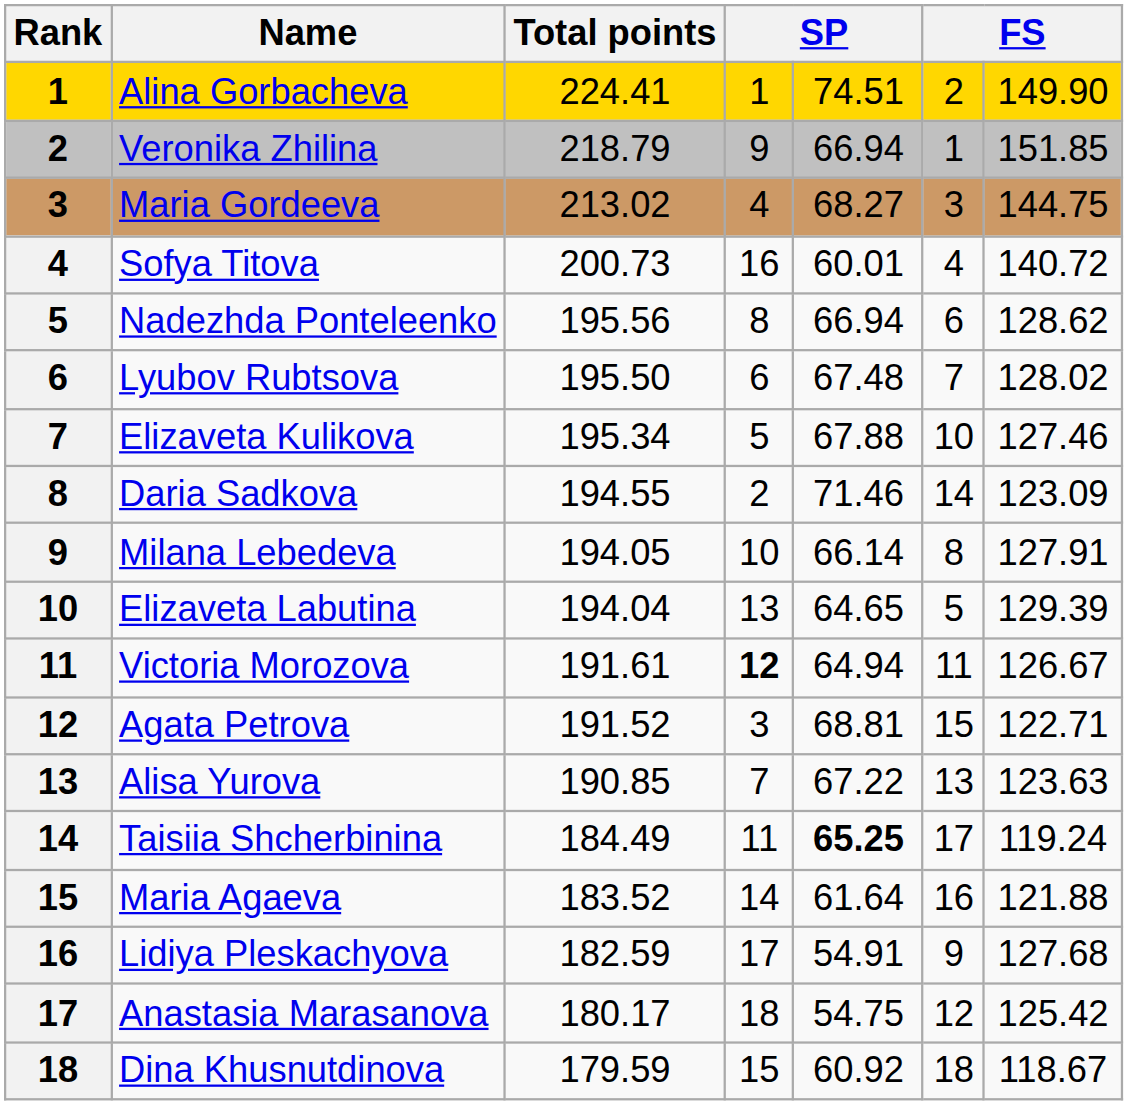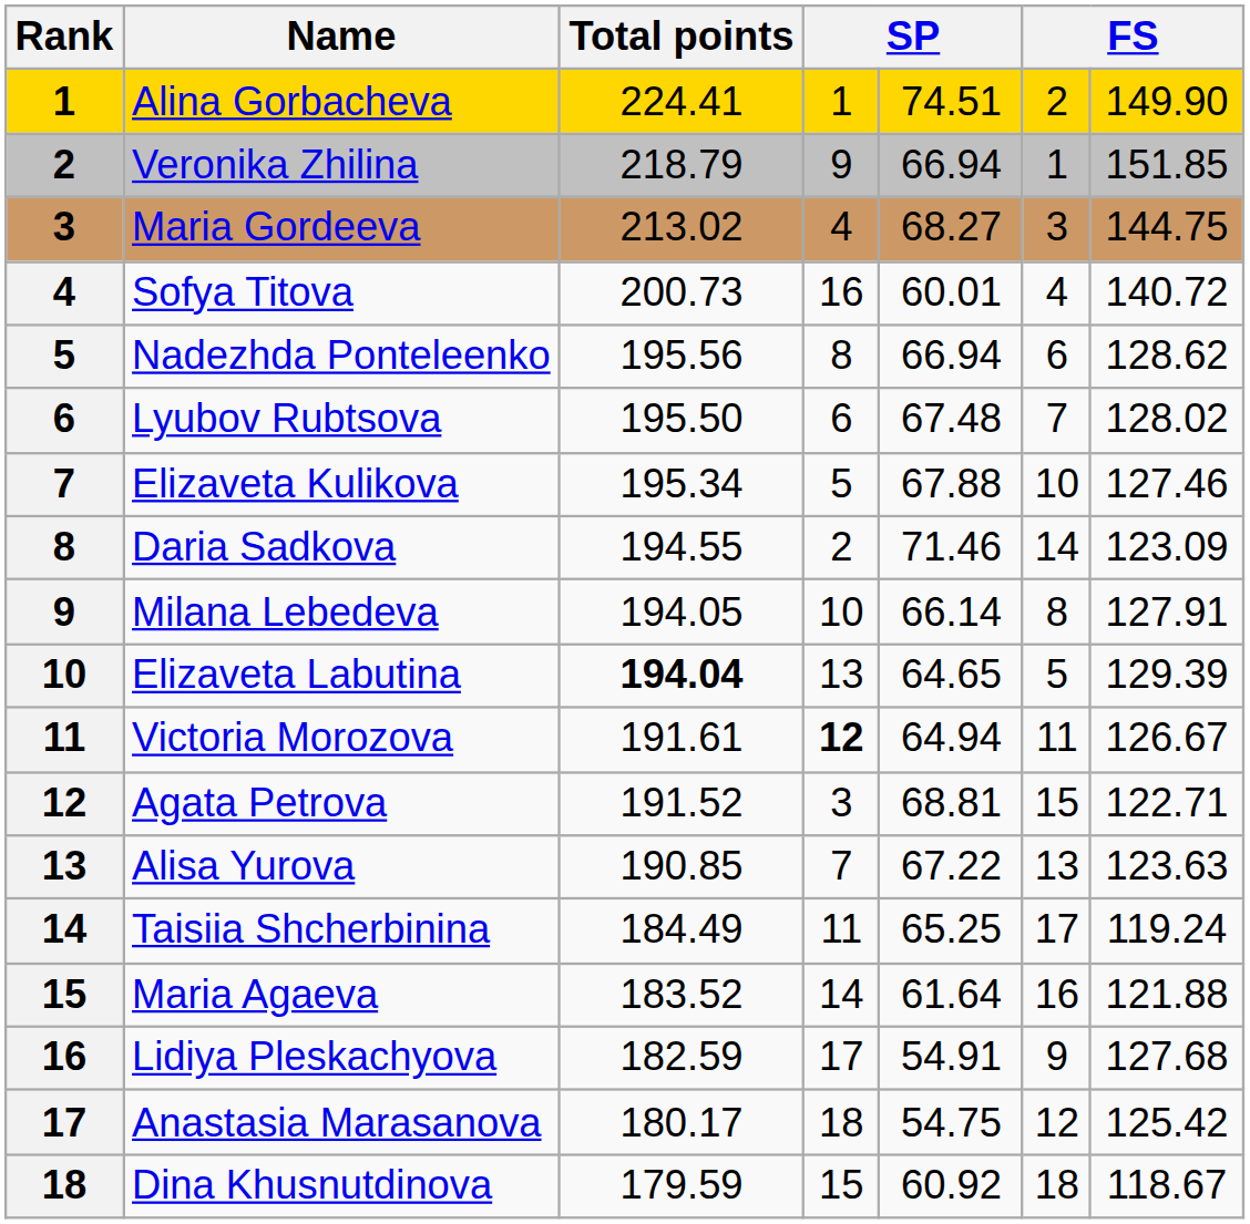 <table class="wikitable sortable">
 <tr>
 <th>Rank</th>
 <th>Name</th>
 <th>Total points</th>
 <th colspan="2" width="80px"><a href='#'>SP</a></th>
 <th colspan="2" width="80px"><a href='#'>FS</a></th>
 </tr>
 <tr bgcolor="gold">
 <td align="center"><strong>1</strong></td>
 <td><a href='#'>Alina Gorbacheva</a></td>
 <td align="center">224.41</td>
 <td align="center">1</td>
 <td align="center">74.51</td>
 <td align="center">2</td>
 <td align="center">149.90</td>
 </tr>
 <tr bgcolor="silver">
 <td align="center"><strong>2</strong></td>
 <td><a href='#'>Veronika Zhilina</a></td>
 <td align="center">218.79</td>
 <td align="center">9</td>
 <td align="center">66.94</td>
 <td align="center">1</td>
 <td align="center">151.85</td>
 </tr>
 <tr bgcolor="cc9966">
 <td align="center"><strong>3</strong></td>
 <td><a href='#'>Maria Gordeeva</a></td>
 <td align="center">213.02</td>
 <td align="center">4</td>
 <td align="center">68.27</td>
 <td align="center">3</td>
 <td align="center">144.75</td>
 </tr>
 <tr>
 <th>4</th>
 <td><a href='#'>Sofya Titova</a></td>
 <td align="center">200.73</td>
 <td align="center">16</td>
 <td align="center">60.01</td>
 <td align="center">4</td>
 <td align="center">140.72</td>
 </tr>
 <tr>
 <th>5</th>
 <td><a href='#'>Nadezhda Ponteleenko</a></td>
 <td align="center">195.56</td>
 <td align="center">8</td>
 <td align="center">66.94</td>
 <td align="center">6</td>
 <td align="center">128.62</td>
 </tr>
 <tr>
 <th>6</th>
 <td><a href='#'>Lyubov Rubtsova</a></td>
 <td align="center">195.50</td>
 <td align="center">6</td>
 <td align="center">67.48</td>
 <td align="center">7</td>
 <td align="center">128.02</td>
 </tr>
 <tr>
 <th>7</th>
 <td><a href='#'>Elizaveta Kulikova</a></td>
 <td align="center">195.34</td>
 <td align="center">5</td>
 <td align="center">67.88</td>
 <td align="center">10</td>
 <td align="center">127.46</td>
 </tr>
 <tr>
 <th>8</th>
 <td><a href='#'>Daria Sadkova</a></td>
 <td align="center">194.55</td>
 <td align="center">2</td>
 <td align="center">71.46</td>
 <td align="center">14</td>
 <td align="center">123.09</td>
 </tr>
 <tr>
 <th>9</th>
 <td><a href='#'>Milana Lebedeva</a></td>
 <td align="center">194.05</td>
 <td align="center">10</td>
 <td align="center">66.14</td>
 <td align="center">8</td>
 <td align="center">127.91</td>
 </tr>
 <tr>
 <th>10</th>
 <td><a href='#'>Elizaveta Labutina</a></td>
-<td align="center">194.04</td>
+<td align="center"><strong>194.04</strong></td>
 <td align="center">13</td>
 <td align="center">64.65</td>
 <td align="center">5</td>
 <td align="center">129.39</td>
 </tr>
 <tr>
 <th>11</th>
 <td><a href='#'>Victoria Morozova</a></td>
 <td align="center">191.61</td>
 <td align="center"><strong>12</strong></td>
 <td align="center">64.94</td>
 <td align="center">11</td>
 <td align="center">126.67</td>
 </tr>
 <tr>
 <th>12</th>
 <td><a href='#'>Agata Petrova</a></td>
 <td align="center">191.52</td>
 <td align="center">3</td>
 <td align="center">68.81</td>
 <td align="center">15</td>
 <td align="center">122.71</td>
 </tr>
 <tr>
 <th>13</th>
 <td><a href='#'>Alisa Yurova</a></td>
 <td align="center">190.85</td>
 <td align="center">7</td>
 <td align="center">67.22</td>
 <td align="center">13</td>
 <td align="center">123.63</td>
 </tr>
 <tr>
 <th>14</th>
 <td><a href='#'>Taisiia Shcherbinina</a></td>
 <td align="center">184.49</td>
 <td align="center">11</td>
-<td align="center"><strong>65.25</strong></td>
+<td align="center">65.25</td>
 <td align="center">17</td>
 <td align="center">119.24</td>
 </tr>
 <tr>
 <th>15</th>
 <td><a href='#'>Maria Agaeva</a></td>
 <td align="center">183.52</td>
 <td align="center">14</td>
 <td align="center">61.64</td>
 <td align="center">16</td>
 <td align="center">121.88</td>
 </tr>
 <tr>
 <th>16</th>
 <td><a href='#'>Lidiya Pleskachyova</a></td>
 <td align="center">182.59</td>
 <td align="center">17</td>
 <td align="center">54.91</td>
 <td align="center">9</td>
 <td align="center">127.68</td>
 </tr>
 <tr>
 <th>17</th>
 <td><a href='#'>Anastasia Marasanova</a></td>
 <td align="center">180.17</td>
 <td align="center">18</td>
 <td align="center">54.75</td>
 <td align="center">12</td>
 <td align="center">125.42</td>
 </tr>
 <tr>
 <th>18</th>
 <td><a href='#'>Dina Khusnutdinova</a></td>
 <td align="center">179.59</td>
 <td align="center">15</td>
 <td align="center">60.92</td>
 <td align="center">18</td>
 <td align="center">118.67</td>
 </tr>
 </table>
